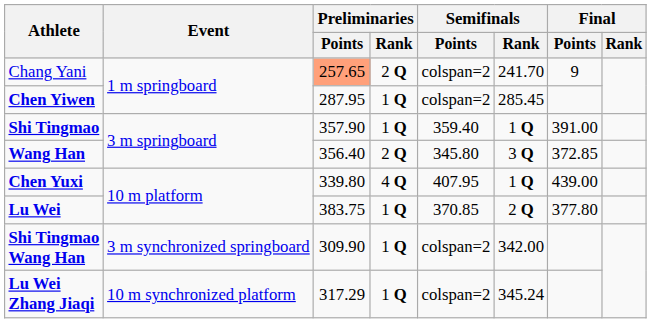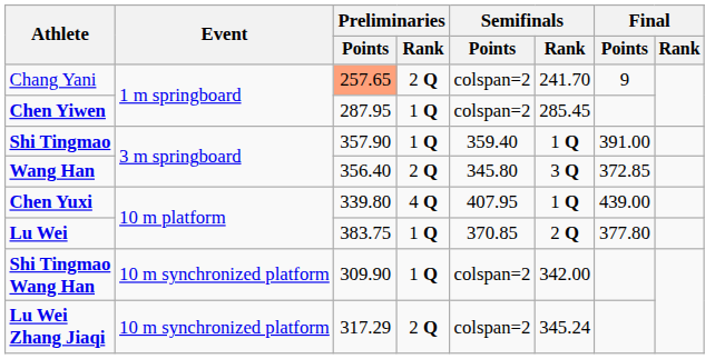 <table class="wikitable" style="text-align:center; font-size:90%">
 <tr>
 <th rowspan=2>Athlete</th>
 <th rowspan=2>Event</th>
 <th colspan=2>Preliminaries</th>
 <th colspan=2>Semifinals</th>
 <th colspan=2>Final</th>
 </tr>
 <tr style="font-size:95%">
 <th>Points</th>
 <th>Rank</th>
 <th>Points</th>
 <th>Rank</th>
 <th>Points</th>
 <th>Rank</th>
 </tr>
 <tr>
 <td align=left><a href='#'>Chang Yani</a></td>
 <td align=left rowspan=2><a href='#'>1 m springboard</a></td>
 <td style="background: lightsalmon;">257.65</td>
 <td>2 <strong>Q</strong></td>
 <td>colspan=2 </td>
 <td>241.70</td>
 <td>9</td>
 </tr>
 <tr>
 <td align=left><strong><a href='#'>Chen Yiwen</a></strong></td>
 <td>287.95</td>
 <td>1 <strong>Q</strong></td>
 <td>colspan=2 </td>
 <td>285.45</td>
 <td></td>
 </tr>
 <tr>
 <td align=left><strong><a href='#'>Shi Tingmao</a></strong></td>
 <td align=left rowspan=2><a href='#'>3 m springboard</a></td>
 <td>357.90</td>
 <td>1 <strong>Q</strong></td>
 <td>359.40</td>
 <td>1 <strong>Q</strong></td>
 <td>391.00</td>
 <td></td>
 </tr>
 <tr>
 <td align=left><strong><a href='#'>Wang Han</a></strong></td>
 <td>356.40</td>
 <td>2 <strong>Q</strong></td>
 <td>345.80</td>
 <td>3 <strong>Q</strong></td>
 <td>372.85</td>
 <td></td>
 </tr>
 <tr>
 <td align=left><strong><a href='#'>Chen Yuxi</a></strong></td>
 <td align=left rowspan=2><a href='#'>10 m platform</a></td>
 <td>339.80</td>
 <td>4 <strong>Q</strong></td>
 <td>407.95</td>
 <td>1 <strong>Q</strong></td>
 <td>439.00</td>
 <td></td>
 </tr>
 <tr>
 <td align=left><strong><a href='#'>Lu Wei</a></strong></td>
 <td>383.75</td>
 <td>1 <strong>Q</strong></td>
 <td>370.85</td>
 <td>2 <strong>Q</strong></td>
 <td>377.80</td>
 <td></td>
 </tr>
 <tr>
 <td align=left><strong><a href='#'>Shi Tingmao</a><br><a href='#'>Wang Han</a></strong></td>
-<td align=left><a href='#'>3 m synchronized springboard</a></td>
+<td align=left><a href='#'>10 m synchronized platform</a></td>
 <td>309.90</td>
 <td>1 <strong>Q</strong></td>
 <td>colspan=2 </td>
 <td>342.00</td>
 <td></td>
 </tr>
 <tr>
 <td align=left><strong><a href='#'>Lu Wei</a><br><a href='#'>Zhang Jiaqi</a></strong></td>
 <td align=left><a href='#'>10 m synchronized platform</a></td>
 <td>317.29</td>
-<td>1 <strong>Q</strong></td>
+<td>2 <strong>Q</strong></td>
 <td>colspan=2 </td>
 <td>345.24</td>
 <td></td>
 </tr>
 </table>
